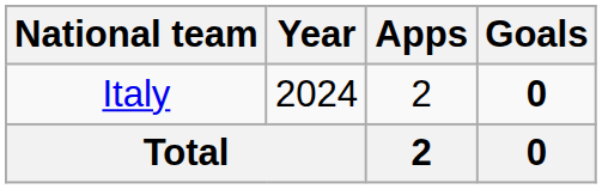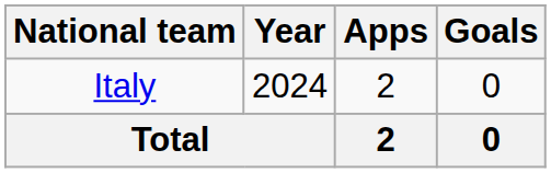 <table class=wikitable style=text-align:center>
 <tr>
 <th>National team</th>
 <th>Year</th>
 <th>Apps</th>
 <th>Goals</th>
 </tr>
 <tr>
 <td><a href='#'>Italy</a></td>
 <td>2024</td>
 <td>2</td>
-<td><strong>0</strong></td>
+<td>0</td>
 </tr>
 <tr>
 <th colspan="2">Total</th>
 <th>2</th>
 <th>0</th>
 </tr>
 </table>
